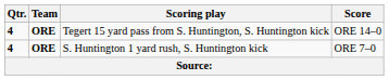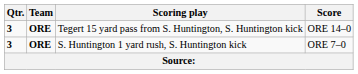 <table class="wikitable">
 <tr>
 <th>Qtr.</th>
 <th>Team</th>
 <th>Scoring play</th>
 <th>Score</th>
 </tr>
 <tr>
-<td><strong>4</strong></td>
+<td><strong>3</strong></td>
 <td><strong>ORE</strong></td>
 <td>Tegert 15 yard pass from S. Huntington, S. Huntington kick</td>
 <td>ORE 14–0</td>
 </tr>
 <tr>
-<td><strong>4</strong></td>
+<td><strong>3</strong></td>
 <td><strong>ORE</strong></td>
 <td>S. Huntington 1 yard rush, S. Huntington kick</td>
 <td>ORE 7–0</td>
 </tr>
 <tr>
 <th colspan=4>Source:</th>
 </tr>
 </table>
